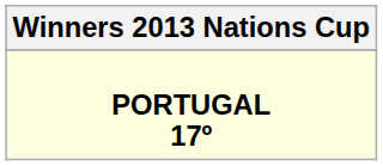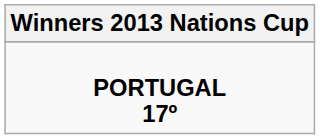 <table class="wikitable" style="text-align: center; margin: 0 auto;">
 <tr>
 <th>Winners 2013 Nations Cup</th>
 </tr>
 <tr>
 </tr>
 <tr>
-<td style="background: lightyellow;"><br><strong>PORTUGAL</strong><br><strong>17º</strong></td>
+<td><br><strong>PORTUGAL</strong><br><strong>17º</strong></td>
 </tr>
 </table>
